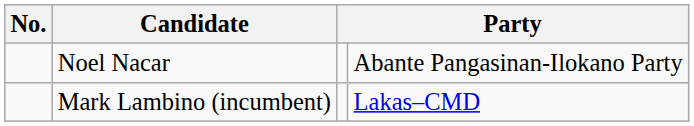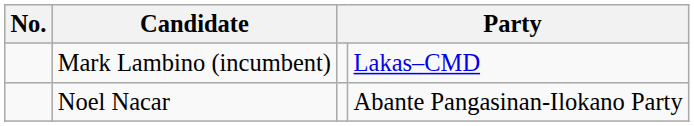 <table class="wikitable sortable" style="text-align:left;">
 <tr>
 <th>No.</th>
 <th>Candidate</th>
 <th colspan="2">Party</th>
 </tr>
 <tr>
 <td></td>
+<td>Mark Lambino (incumbent)</td>
+<td></td>
+<td><a href='#'>Lakas–CMD</a></td>
+</tr>
+<tr>
+<td></td>
 <td>Noel Nacar</td>
 <td></td>
 <td>Abante Pangasinan-Ilokano Party</td>
 </tr>
-<tr>
-<td></td>
-<td>Mark Lambino (incumbent)</td>
-<td></td>
-<td><a href='#'>Lakas–CMD</a></td>
-</tr>
 </table>
